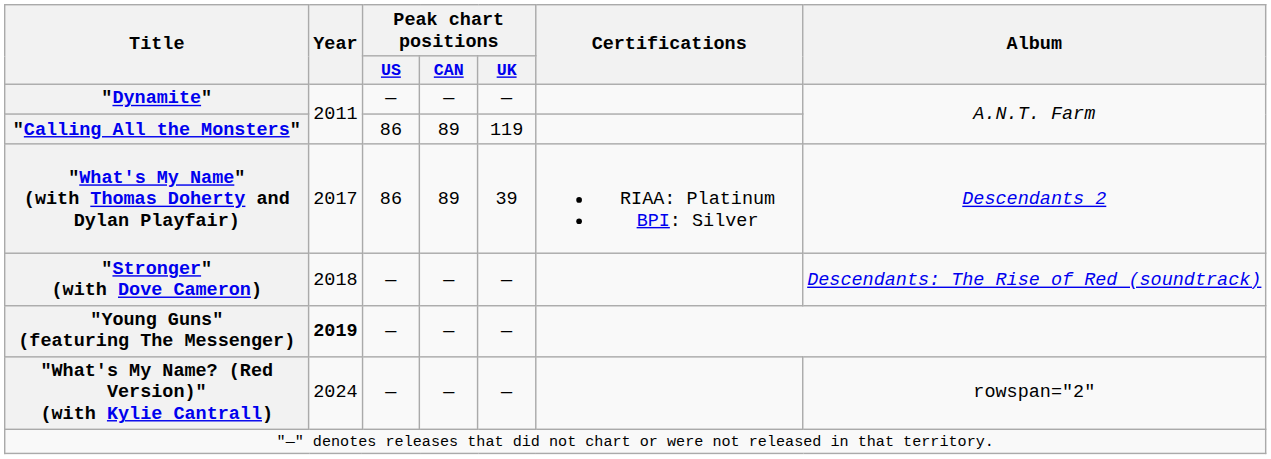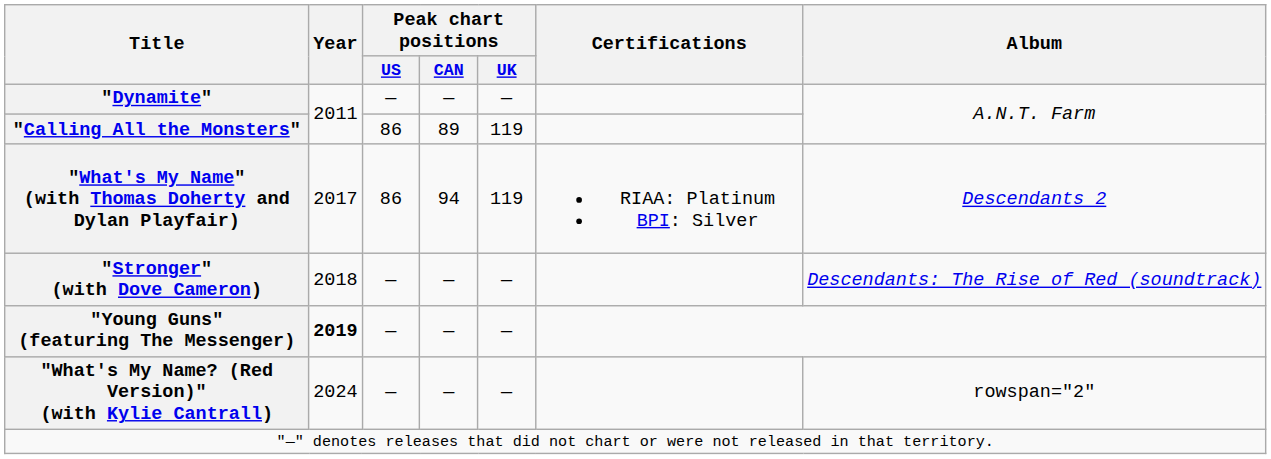 <table class="wikitable plainrowheaders" style="text-align:center;" border="1">
 <tr>
 <th scope="col" rowspan="2" style="width:16em;">Title</th>
 <th scope="col" rowspan="2">Year</th>
 <th scope="col" colspan="3">Peak chart positions</th>
 <th scope="col" rowspan="2" style="width:14em;">Certifications</th>
 <th scope="col" rowspan="2">Album</th>
 </tr>
 <tr>
 <th scope="col" style="width:3em;font-size:90%;"><a href='#'>US</a><br></th>
 <th scope="col" style="width:3em;font-size:90%;"><a href='#'>CAN</a><br></th>
 <th scope="col" style="width:3em;font-size:90%;"><a href='#'>UK</a><br></th>
 </tr>
 <tr>
 <th scope="row">"<a href='#'>Dynamite</a>"</th>
 <td rowspan="2">2011</td>
 <td>—</td>
 <td>—</td>
 <td>—</td>
 <td></td>
 <td rowspan="2"><em>A.N.T. Farm</em></td>
 </tr>
 <tr>
 <th scope="row">"<a href='#'>Calling All the Monsters</a>"</th>
 <td>86</td>
 <td>89</td>
 <td>119</td>
 <td></td>
 </tr>
 <tr>
 <th scope="row">"<a href='#'>What's My Name</a>"<br><span>(with <a href='#'>Thomas Doherty</a> and Dylan Playfair)</span></th>
 <td>2017</td>
 <td>86</td>
-<td>89</td>
-<td>39</td>
+<td>94</td>
+<td>119</td>
 <td><br><ul><li>RIAA: Platinum</li><li><a href='#'>BPI</a>: Silver</li></ul></td>
 <td><em><a href='#'>Descendants 2</a></em></td>
 </tr>
 <tr>
 <th scope="row">"<a href='#'>Stronger</a>"<br><span>(with <a href='#'>Dove Cameron</a>)</span></th>
 <td>2018</td>
 <td>—</td>
 <td>—</td>
 <td>—</td>
 <td></td>
 <td><em><a href='#'>Descendants: The Rise of Red (soundtrack)</a></em></td>
 </tr>
 <tr>
 <th scope="row">"Young Guns"<br><span>(featuring The Messenger)</span></th>
 <td><strong>2019</strong></td>
 <td>—</td>
 <td>—</td>
 <td>—</td>
 </tr>
 <tr>
 <th scope="row">"What's My Name? (Red Version)" <br><span>(with <a href='#'>Kylie Cantrall</a>)</span></th>
 <td>2024</td>
 <td>—</td>
 <td>—</td>
 <td>—</td>
 <td></td>
 <td>rowspan="2" </td>
 </tr>
 <tr>
 <td align="center" colspan="14" style="font-size:8pt">"—" denotes releases that did not chart or were not released in that territory.</td>
 </tr>
 </table>
